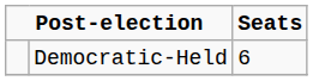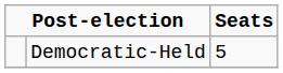 <table class= "wikitable">
 <tr>
 <td colspan= "2" rowspan= "1" align= "center" valign= "top"><strong>Post-election</strong></td>
 <td valign= "top"><strong>Seats</strong><br></td>
 </tr>
 <tr>
 <td style="background-color:"> </td>
 <td>Democratic-Held</td>
-<td>6</td>
+<td>5</td>
 </tr>
 <tr>
 </tr>
 </table>
